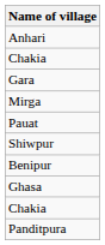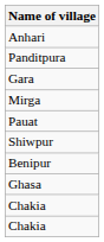 <table class="wikitable">
 <tr>
 <th>Name of village</th>
 </tr>
 <tr>
 <td>Anhari</td>
 </tr>
 <tr>
-<td>Chakia</td>
+<td>Panditpura</td>
 </tr>
 <tr>
 <td>Gara</td>
 </tr>
 <tr>
 <td>Mirga</td>
 </tr>
 <tr>
 <td>Pauat</td>
 </tr>
 <tr>
 <td>Shiwpur</td>
 </tr>
 <tr>
 <td>Benipur</td>
 </tr>
 <tr>
 <td>Ghasa</td>
 </tr>
 <tr>
 <td>Chakia</td>
 </tr>
 <tr>
-<td>Panditpura</td>
+<td>Chakia</td>
 </tr>
 </table>
